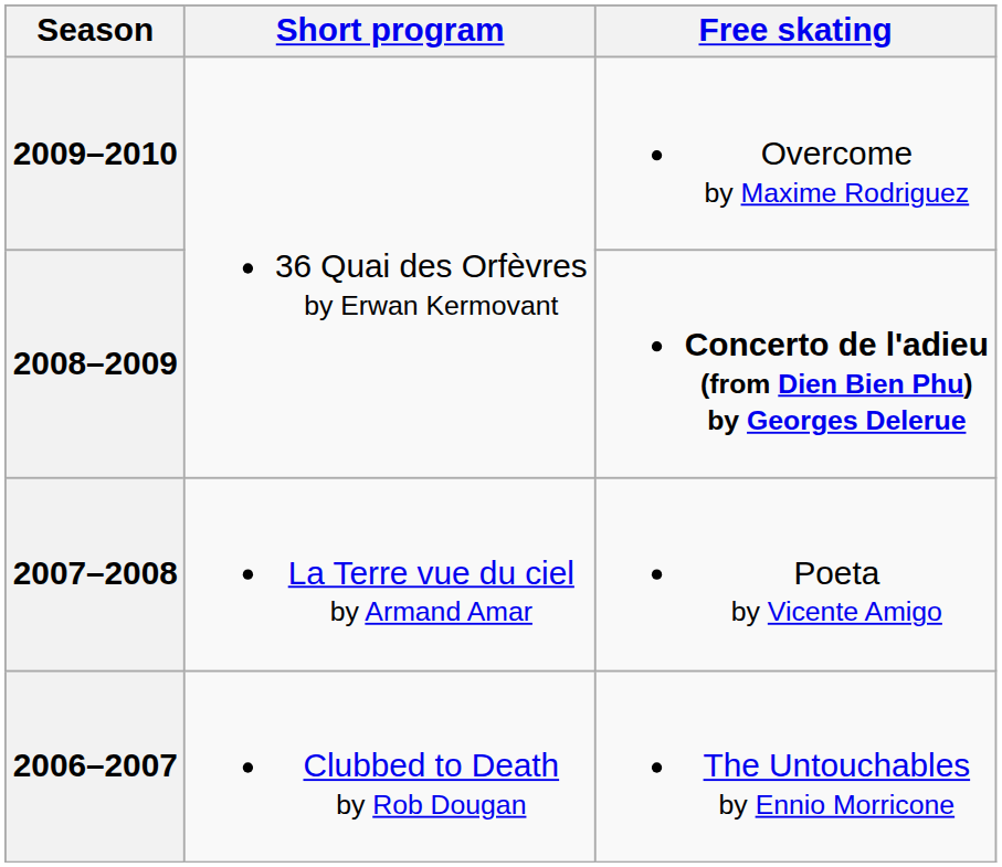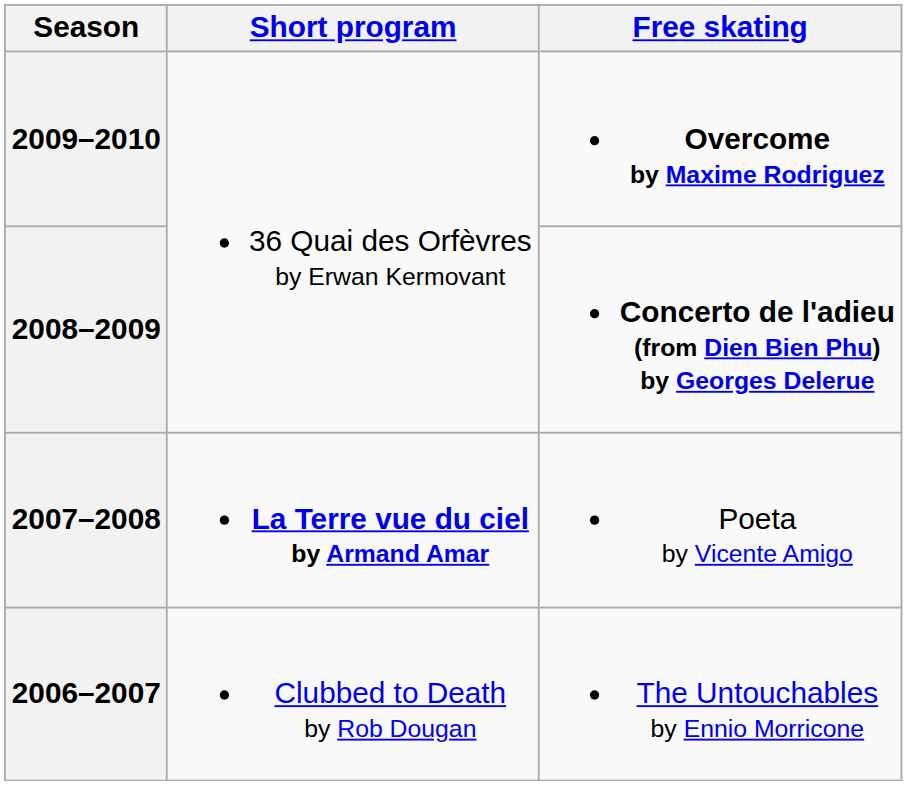 <table class=wikitable style=text-align:center>
 <tr>
 <th>Season</th>
 <th><a href='#'>Short program</a></th>
 <th><a href='#'>Free skating</a></th>
 </tr>
 <tr>
 <th>2009–2010 <br> </th>
 <td rowspan=2><br><ul><li>36 Quai des Orfèvres <br><small> by Erwan Kermovant </small></li></ul></td>
-<td><br><ul><li>Overcome <br><small> by <a href='#'>Maxime Rodriguez</a> </small></li></ul></td>
+<td><strong><br><ul><li>Overcome <br><small> by <a href='#'>Maxime Rodriguez</a> </small></li></ul></strong></td>
 </tr>
 <tr>
 <th>2008–2009 <br> </th>
 <td><strong><br><ul><li>Concerto de l'adieu <br><small> (from <a href='#'>Dien Bien Phu</a>) <br> by <a href='#'>Georges Delerue</a> </small></li></ul></strong></td>
 </tr>
 <tr>
 <th>2007–2008 <br> </th>
-<td><br><ul><li><a href='#'>La Terre vue du ciel</a> <br><small> by <a href='#'>Armand Amar</a> </small></li></ul></td>
+<td><strong><br><ul><li><a href='#'>La Terre vue du ciel</a> <br><small> by <a href='#'>Armand Amar</a> </small></li></ul></strong></td>
 <td><br><ul><li>Poeta <br><small> by <a href='#'>Vicente Amigo</a> </small></li></ul></td>
 </tr>
 <tr>
 <th>2006–2007 <br> </th>
 <td><br><ul><li><a href='#'>Clubbed to Death</a> <br><small> by <a href='#'>Rob Dougan</a> </small></li></ul></td>
 <td><br><ul><li><a href='#'>The Untouchables</a> <br><small> by <a href='#'>Ennio Morricone</a> </small></li></ul></td>
 </tr>
 </table>
